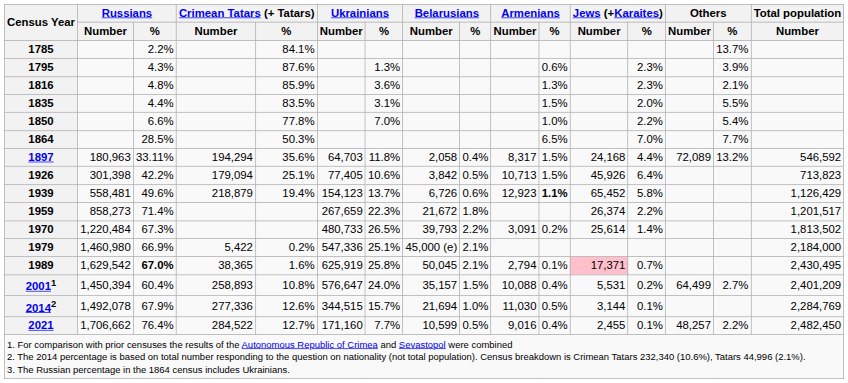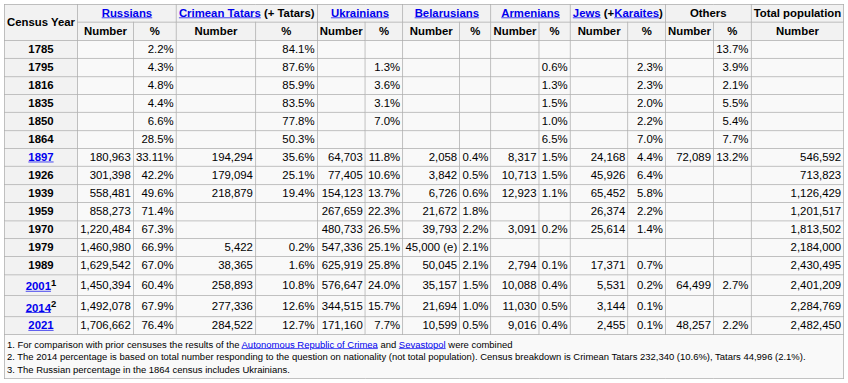 <table class="wikitable" style="text-align: right;">
 <tr style="background:#e0e0e0;text-align: center">
 <th rowspan="2">Census Year</th>
 <th colspan="2"><a href='#'>Russians</a></th>
 <th colspan="2"><a href='#'>Crimean Tatars</a> (+ Tatars)</th>
 <th colspan="2"><a href='#'>Ukrainians</a></th>
 <th colspan="2"><a href='#'>Belarusians</a></th>
 <th colspan="2"><a href='#'>Armenians</a></th>
 <th colspan="2"><a href='#'>Jews</a> (+<a href='#'>Karaites</a>)</th>
 <th colspan="2">Others</th>
 <th>Total population</th>
 </tr>
 <tr style="background:#e0e0e0;">
 <th>Number</th>
 <th>%</th>
 <th>Number</th>
 <th>%</th>
 <th>Number</th>
 <th>%</th>
 <th>Number</th>
 <th>%</th>
 <th>Number</th>
 <th>%</th>
 <th>Number</th>
 <th>%</th>
 <th>Number</th>
 <th>%</th>
 <th>Number</th>
 </tr>
 <tr>
 <th>1785</th>
 <td></td>
 <td>2.2%</td>
 <td></td>
 <td>84.1%</td>
 <td></td>
 <td></td>
 <td></td>
 <td></td>
 <td></td>
 <td></td>
 <td></td>
 <td></td>
 <td></td>
 <td>13.7%</td>
 <td></td>
 </tr>
 <tr>
 <th>1795</th>
 <td></td>
 <td>4.3%</td>
 <td></td>
 <td>87.6%</td>
 <td></td>
 <td>1.3%</td>
 <td></td>
 <td></td>
 <td></td>
 <td>0.6%</td>
 <td></td>
 <td>2.3%</td>
 <td></td>
 <td>3.9%</td>
 <td></td>
 </tr>
 <tr>
 <th>1816</th>
 <td></td>
 <td>4.8%</td>
 <td></td>
 <td>85.9%</td>
 <td></td>
 <td>3.6%</td>
 <td></td>
 <td></td>
 <td></td>
 <td>1.3%</td>
 <td></td>
 <td>2.3%</td>
 <td></td>
 <td>2.1%</td>
 <td></td>
 </tr>
 <tr>
 <th>1835</th>
 <td></td>
 <td>4.4%</td>
 <td></td>
 <td>83.5%</td>
 <td></td>
 <td>3.1%</td>
 <td></td>
 <td></td>
 <td></td>
 <td>1.5%</td>
 <td></td>
 <td>2.0%</td>
 <td></td>
 <td>5.5%</td>
 <td></td>
 </tr>
 <tr>
 <th>1850</th>
 <td></td>
 <td>6.6%</td>
 <td></td>
 <td>77.8%</td>
 <td></td>
 <td>7.0%</td>
 <td></td>
 <td></td>
 <td></td>
 <td>1.0%</td>
 <td></td>
 <td>2.2%</td>
 <td></td>
 <td>5.4%</td>
 <td></td>
 </tr>
 <tr>
 <th>1864</th>
 <td></td>
 <td>28.5%</td>
 <td></td>
 <td>50.3%</td>
 <td></td>
 <td></td>
 <td></td>
 <td></td>
 <td></td>
 <td>6.5%</td>
 <td></td>
 <td>7.0%</td>
 <td></td>
 <td>7.7%</td>
 <td></td>
 </tr>
 <tr>
 <th><a href='#'>1897</a></th>
 <td>180,963</td>
 <td>33.11%</td>
 <td>194,294</td>
 <td>35.6%</td>
 <td>64,703</td>
 <td>11.8%</td>
 <td>2,058</td>
 <td>0.4%</td>
 <td>8,317</td>
 <td>1.5%</td>
 <td>24,168</td>
 <td>4.4%</td>
 <td>72,089</td>
 <td>13.2%</td>
 <td>546,592</td>
 </tr>
 <tr>
 <th>1926</th>
 <td>301,398</td>
 <td>42.2%</td>
 <td>179,094</td>
 <td>25.1%</td>
 <td>77,405</td>
 <td>10.6%</td>
 <td>3,842</td>
 <td>0.5%</td>
 <td>10,713</td>
 <td>1.5%</td>
 <td>45,926</td>
 <td>6.4%</td>
 <td></td>
 <td></td>
 <td>713,823</td>
 </tr>
 <tr>
 <th>1939</th>
 <td>558,481</td>
 <td>49.6%</td>
 <td>218,879</td>
 <td>19.4%</td>
 <td>154,123</td>
 <td>13.7%</td>
 <td>6,726</td>
 <td>0.6%</td>
 <td>12,923</td>
-<td><strong>1.1%</strong></td>
+<td>1.1%</td>
 <td>65,452</td>
 <td>5.8%</td>
 <td></td>
 <td></td>
 <td>1,126,429</td>
 </tr>
 <tr>
 <th>1959</th>
 <td>858,273</td>
 <td>71.4%</td>
 <td></td>
 <td></td>
 <td>267,659</td>
 <td>22.3%</td>
 <td>21,672</td>
 <td>1.8%</td>
 <td></td>
 <td></td>
 <td>26,374</td>
 <td>2.2%</td>
 <td></td>
 <td></td>
 <td>1,201,517</td>
 </tr>
 <tr>
 <th>1970</th>
 <td>1,220,484</td>
 <td>67.3%</td>
 <td></td>
 <td></td>
 <td>480,733</td>
 <td>26.5%</td>
 <td>39,793</td>
 <td>2.2%</td>
 <td>3,091</td>
 <td>0.2%</td>
 <td>25,614</td>
 <td>1.4%</td>
 <td></td>
 <td></td>
 <td>1,813,502</td>
 </tr>
 <tr>
 <th>1979</th>
 <td>1,460,980</td>
 <td>66.9%</td>
 <td>5,422</td>
 <td>0.2%</td>
 <td>547,336</td>
 <td>25.1%</td>
 <td>45,000 (e)</td>
 <td>2.1%</td>
 <td></td>
 <td></td>
 <td></td>
 <td></td>
 <td></td>
 <td></td>
 <td>2,184,000</td>
 </tr>
 <tr>
 <th>1989</th>
 <td>1,629,542</td>
-<td><strong>67.0%</strong></td>
+<td>67.0%</td>
 <td>38,365</td>
 <td>1.6%</td>
 <td>625,919</td>
 <td>25.8%</td>
 <td>50,045</td>
 <td>2.1%</td>
 <td>2,794</td>
 <td>0.1%</td>
-<td style="background: pink;">17,371</td>
+<td>17,371</td>
 <td>0.7%</td>
 <td></td>
 <td></td>
 <td>2,430,495</td>
 </tr>
 <tr>
 <th><a href='#'>2001</a><sup>1</sup></th>
 <td>1,450,394</td>
 <td>60.4%</td>
 <td>258,893</td>
 <td>10.8%</td>
 <td>576,647</td>
 <td>24.0%</td>
 <td>35,157</td>
 <td>1.5%</td>
 <td>10,088</td>
 <td>0.4%</td>
 <td>5,531</td>
 <td>0.2%</td>
 <td>64,499</td>
 <td>2.7%</td>
 <td>2,401,209</td>
 </tr>
 <tr>
 <th><a href='#'>2014</a><sup>2</sup></th>
 <td>1,492,078</td>
 <td>67.9%</td>
 <td>277,336</td>
 <td>12.6%</td>
 <td>344,515</td>
 <td>15.7%</td>
 <td>21,694</td>
 <td>1.0%</td>
 <td>11,030</td>
 <td>0.5%</td>
 <td>3,144</td>
 <td>0.1%</td>
 <td></td>
 <td></td>
 <td>2,284,769</td>
 </tr>
 <tr>
 <th><a href='#'>2021</a></th>
 <td>1,706,662</td>
 <td>76.4%</td>
 <td>284,522</td>
 <td>12.7%</td>
 <td>171,160</td>
 <td>7.7%</td>
 <td>10,599</td>
 <td>0.5%</td>
 <td>9,016</td>
 <td>0.4%</td>
 <td>2,455</td>
 <td>0.1%</td>
 <td>48,257</td>
 <td>2.2%</td>
 <td>2,482,450</td>
 </tr>
 <tr>
 <td colspan="16" style="text-align:left;"><small>1. For comparison with prior censuses the results of the <a href='#'>Autonomous Republic of Crimea</a> and <a href='#'>Sevastopol</a> were combined</small><br><small>2. The 2014 percentage is based on total number responding to the question on nationality (not total population). Census breakdown is Crimean Tatars 232,340 (10.6%), Tatars 44,996 (2.1%).</small><br><small>3. The Russian percentage in the 1864 census includes Ukrainians.</small></td>
 </tr>
 </table>
